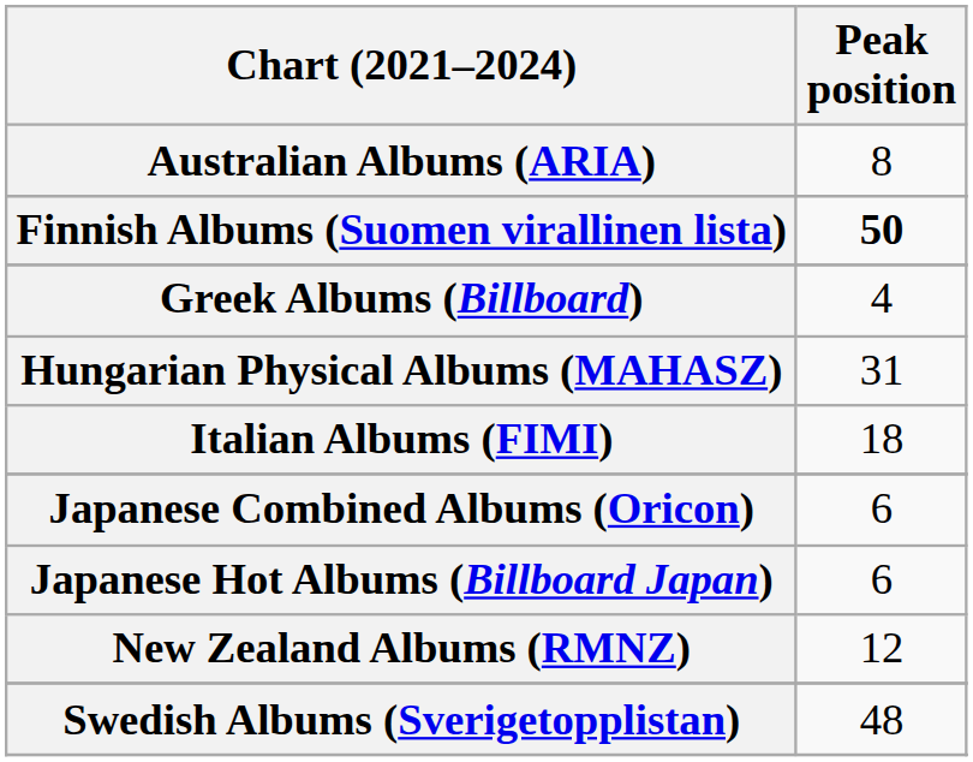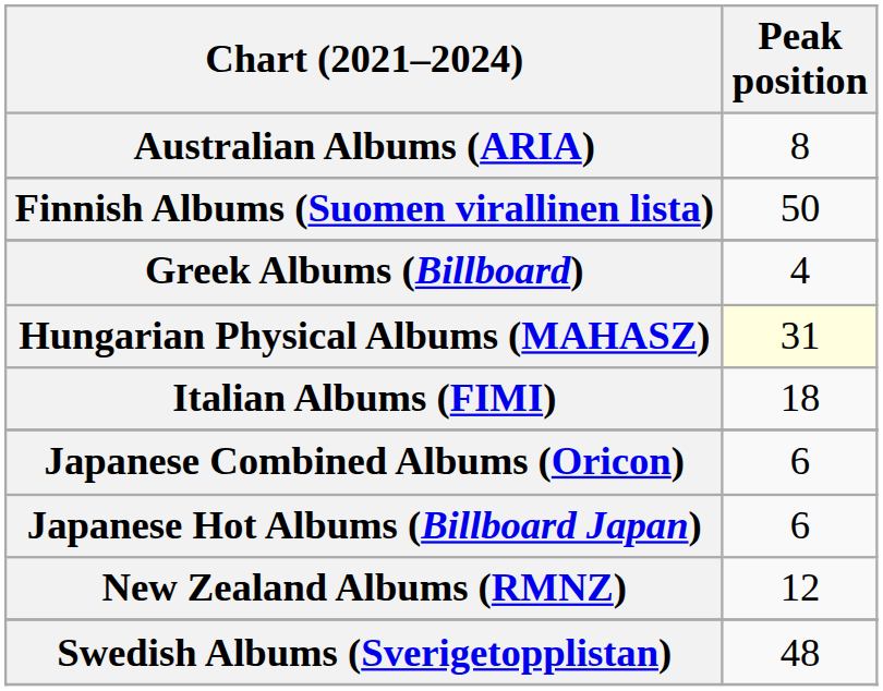 <table class="wikitable sortable plainrowheaders" style="text-align:center;">
 <tr>
 <th scope="col">Chart (2021–2024)</th>
 <th scope="col">Peak<br>position</th>
 </tr>
 <tr>
 <th scope="row">Australian Albums (<a href='#'>ARIA</a>)</th>
 <td>8</td>
 </tr>
 <tr>
 </tr>
 <tr>
 </tr>
 <tr>
 <th scope="row">Finnish Albums (<a href='#'>Suomen virallinen lista</a>)</th>
-<td><strong>50</strong></td>
+<td>50</td>
 </tr>
 <tr>
 </tr>
 <tr>
 <th scope="row">Greek Albums (<a href='#'><em>Billboard</em></a>)</th>
 <td>4</td>
 </tr>
 <tr>
 <th scope="row">Hungarian Physical Albums (<a href='#'>MAHASZ</a>)</th>
-<td>31</td>
+<td style="background: lightyellow;">31</td>
 </tr>
 <tr>
 <th scope="row">Italian Albums (<a href='#'>FIMI</a>)</th>
 <td>18</td>
 </tr>
 <tr>
 </tr>
 <tr>
 <th scope="row">Japanese Combined Albums (<a href='#'>Oricon</a>)</th>
 <td>6</td>
 </tr>
 <tr>
 <th scope="row">Japanese Hot Albums (<em><a href='#'>Billboard Japan</a></em>)</th>
 <td>6</td>
 </tr>
 <tr>
 <th scope="row">New Zealand Albums (<a href='#'>RMNZ</a>)</th>
 <td>12</td>
 </tr>
 <tr>
 </tr>
 <tr>
 </tr>
 <tr>
 </tr>
 <tr>
 </tr>
 <tr>
 <th scope="row">Swedish Albums (<a href='#'>Sverigetopplistan</a>)</th>
 <td>48</td>
 </tr>
 <tr>
 </tr>
 <tr>
 </tr>
 </table>
